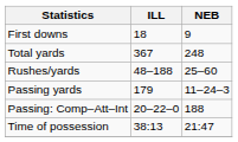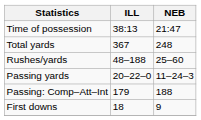 <table class="wikitable" style="float: left;">
 <tr>
 <th>Statistics</th>
 <th>ILL</th>
 <th>NEB</th>
 </tr>
 <tr>
-<td>First downs</td>
-<td>18</td>
-<td>9</td>
+<td>Time of possession</td>
+<td>38:13</td>
+<td>21:47</td>
 </tr>
 <tr>
 <td>Total yards</td>
 <td>367</td>
 <td>248</td>
 </tr>
 <tr>
 <td>Rushes/yards</td>
 <td>48–188</td>
 <td>25–60</td>
 </tr>
 <tr>
 <td>Passing yards</td>
-<td>179</td>
+<td>20–22–0</td>
 <td>11–24–3</td>
 </tr>
 <tr>
 <td>Passing: Comp–Att–Int</td>
-<td>20–22–0</td>
+<td>179</td>
 <td>188</td>
 </tr>
 <tr>
-<td>Time of possession</td>
-<td>38:13</td>
-<td>21:47</td>
+<td>First downs</td>
+<td>18</td>
+<td>9</td>
 </tr>
 <tr>
 </tr>
 </table>
